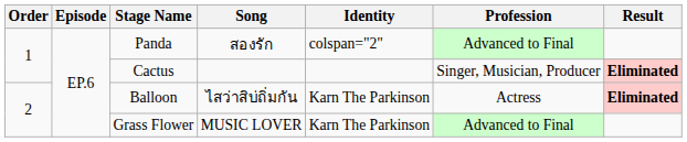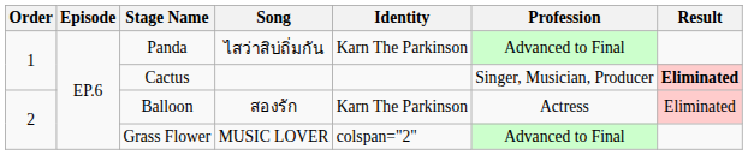 <table class="wikitable">
 <tr>
 <th>Order</th>
 <th>Episode</th>
 <th>Stage Name</th>
 <th>Song</th>
 <th>Identity</th>
 <th>Profession</th>
 <th>Result</th>
 </tr>
 <tr>
 <td rowspan="2" align="center">1</td>
 <td rowspan="4" align="center">EP.6</td>
 <td style="text-align:center;">Panda</td>
-<td style="text-align:center;">สองรัก</td>
-<td>colspan="2"  </td>
+<td style="text-align:center;">ไสว่าสิบ่ถิ่มกัน</td>
+<td style="text-align:center;">Karn The Parkinson</td>
 <td style="text-align:center; background:#ccffcc;">Advanced to Final</td>
 </tr>
 <tr>
 <td style="text-align:center;">Cactus</td>
 <td style="text-align:center;"></td>
 <td style="text-align:center;"></td>
 <td style="text-align:center;">Singer, Musician, Producer</td>
 <td style="text-align:center; background:#ffcccc;"><strong>Eliminated</strong></td>
 </tr>
 <tr>
 <td rowspan="2" align="center">2</td>
 <td style="text-align:center;">Balloon</td>
-<td style="text-align:center;">ไสว่าสิบ่ถิ่มกัน</td>
+<td style="text-align:center;">สองรัก</td>
 <td style="text-align:center;">Karn The Parkinson</td>
 <td style="text-align:center;">Actress</td>
-<td style="text-align:center; background:#ffcccc;"><strong>Eliminated</strong></td>
+<td style="text-align:center; background:#ffcccc;">Eliminated</td>
 </tr>
 <tr>
 <td style="text-align:center;">Grass Flower</td>
 <td style="text-align:center;">MUSIC LOVER</td>
-<td style="text-align:center;">Karn The Parkinson</td>
+<td>colspan="2"  </td>
 <td style="text-align:center; background:#ccffcc;">Advanced to Final</td>
 </tr>
 </table>
